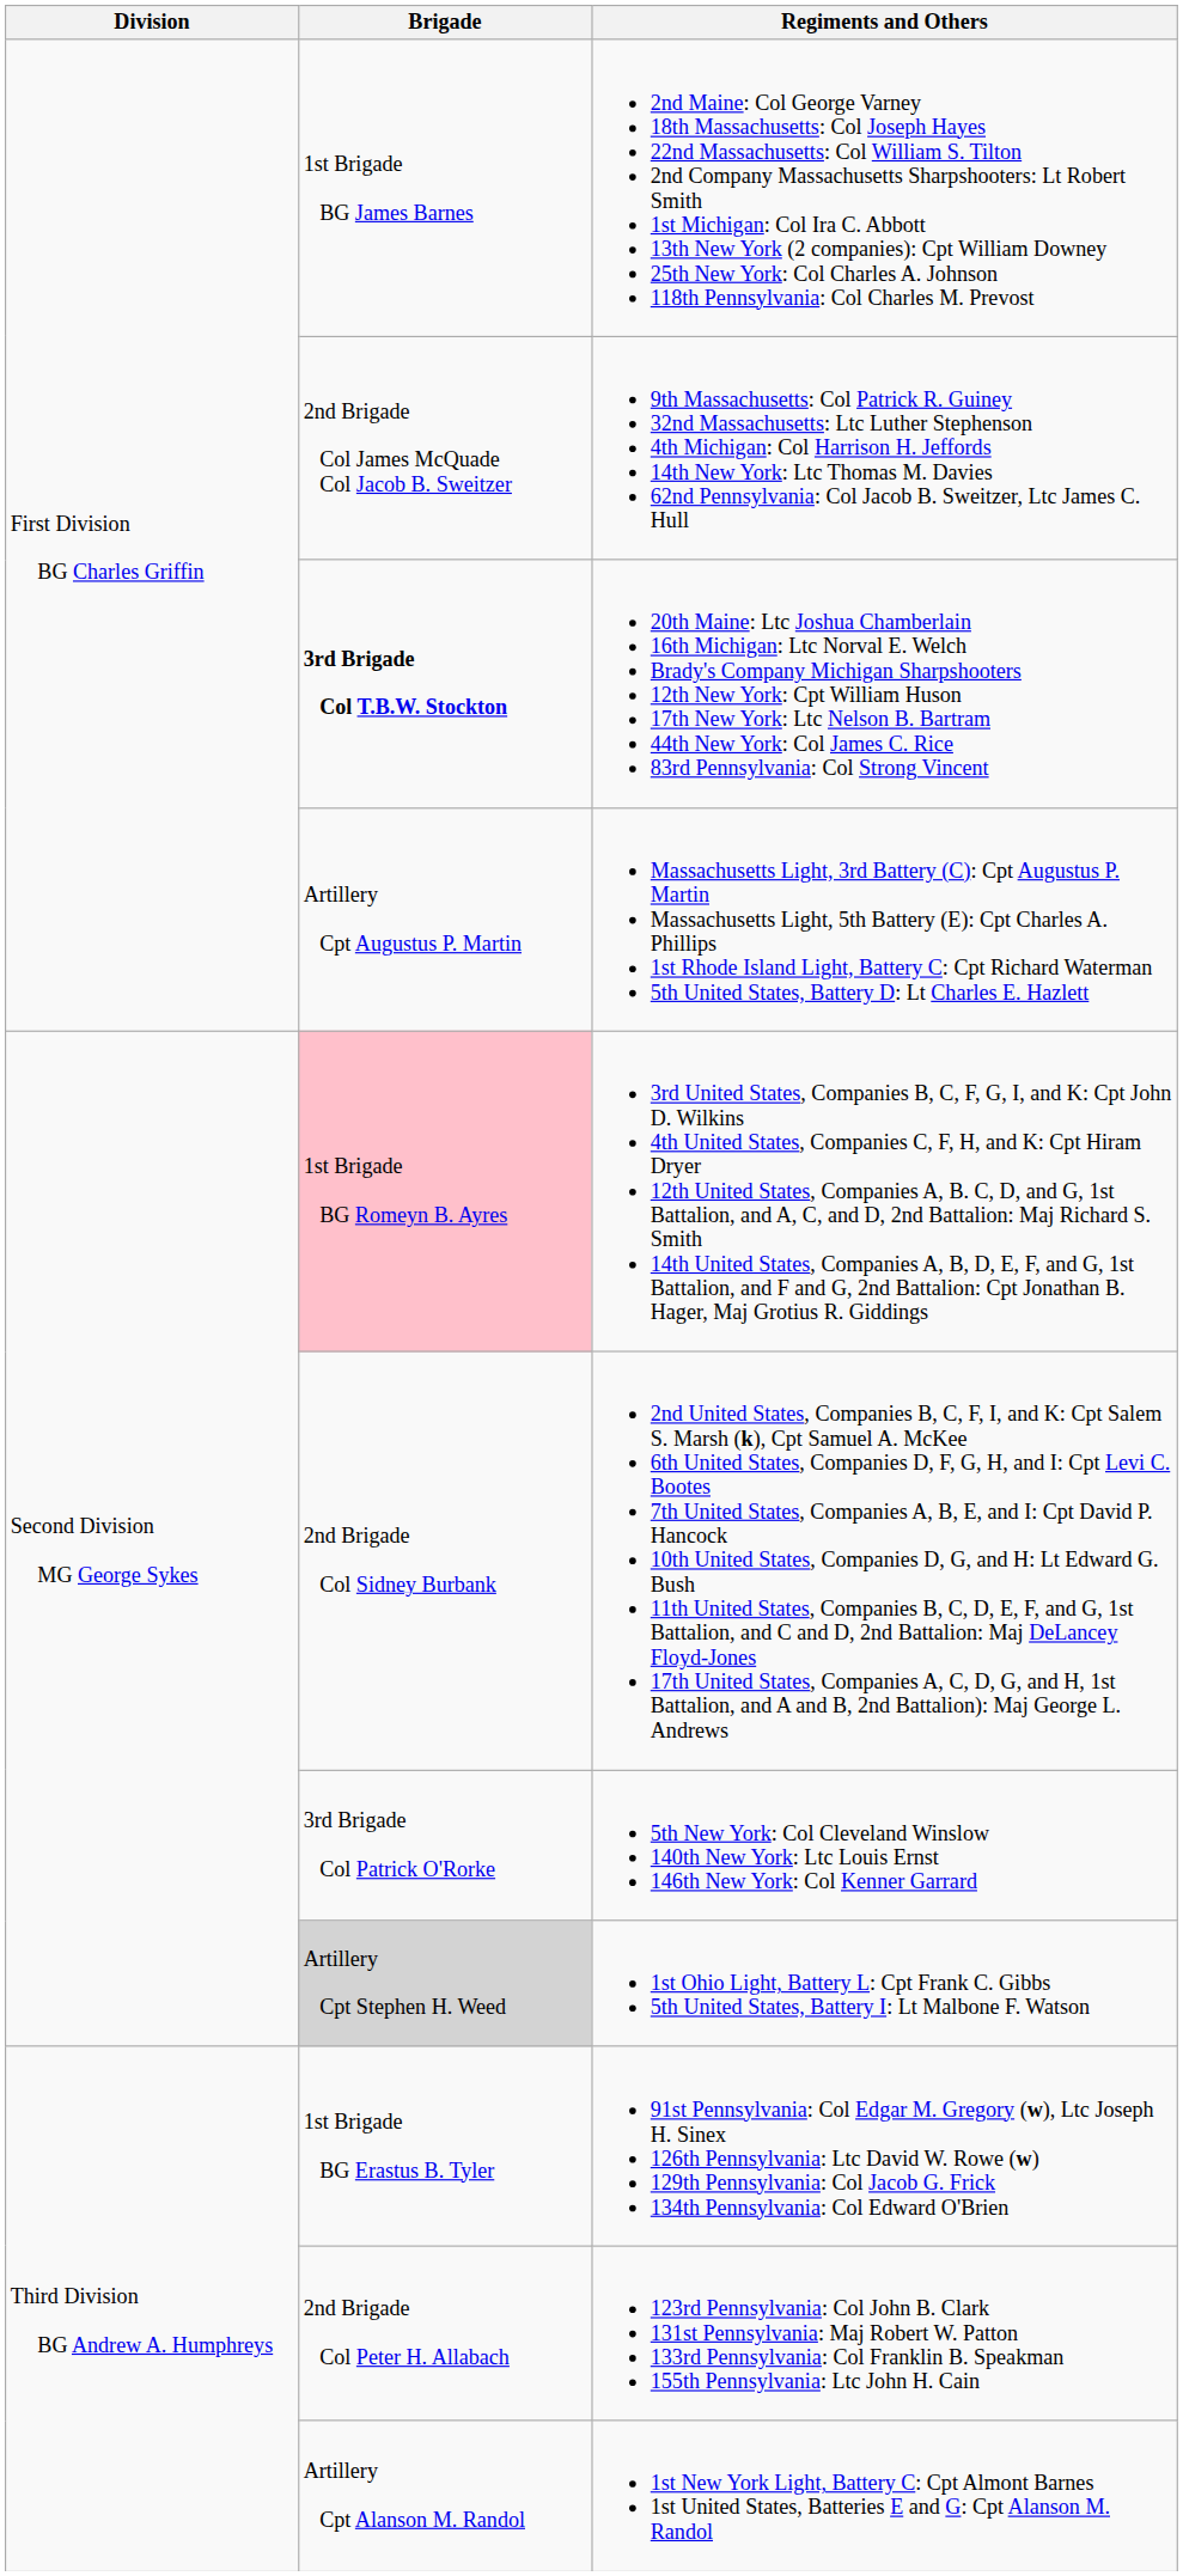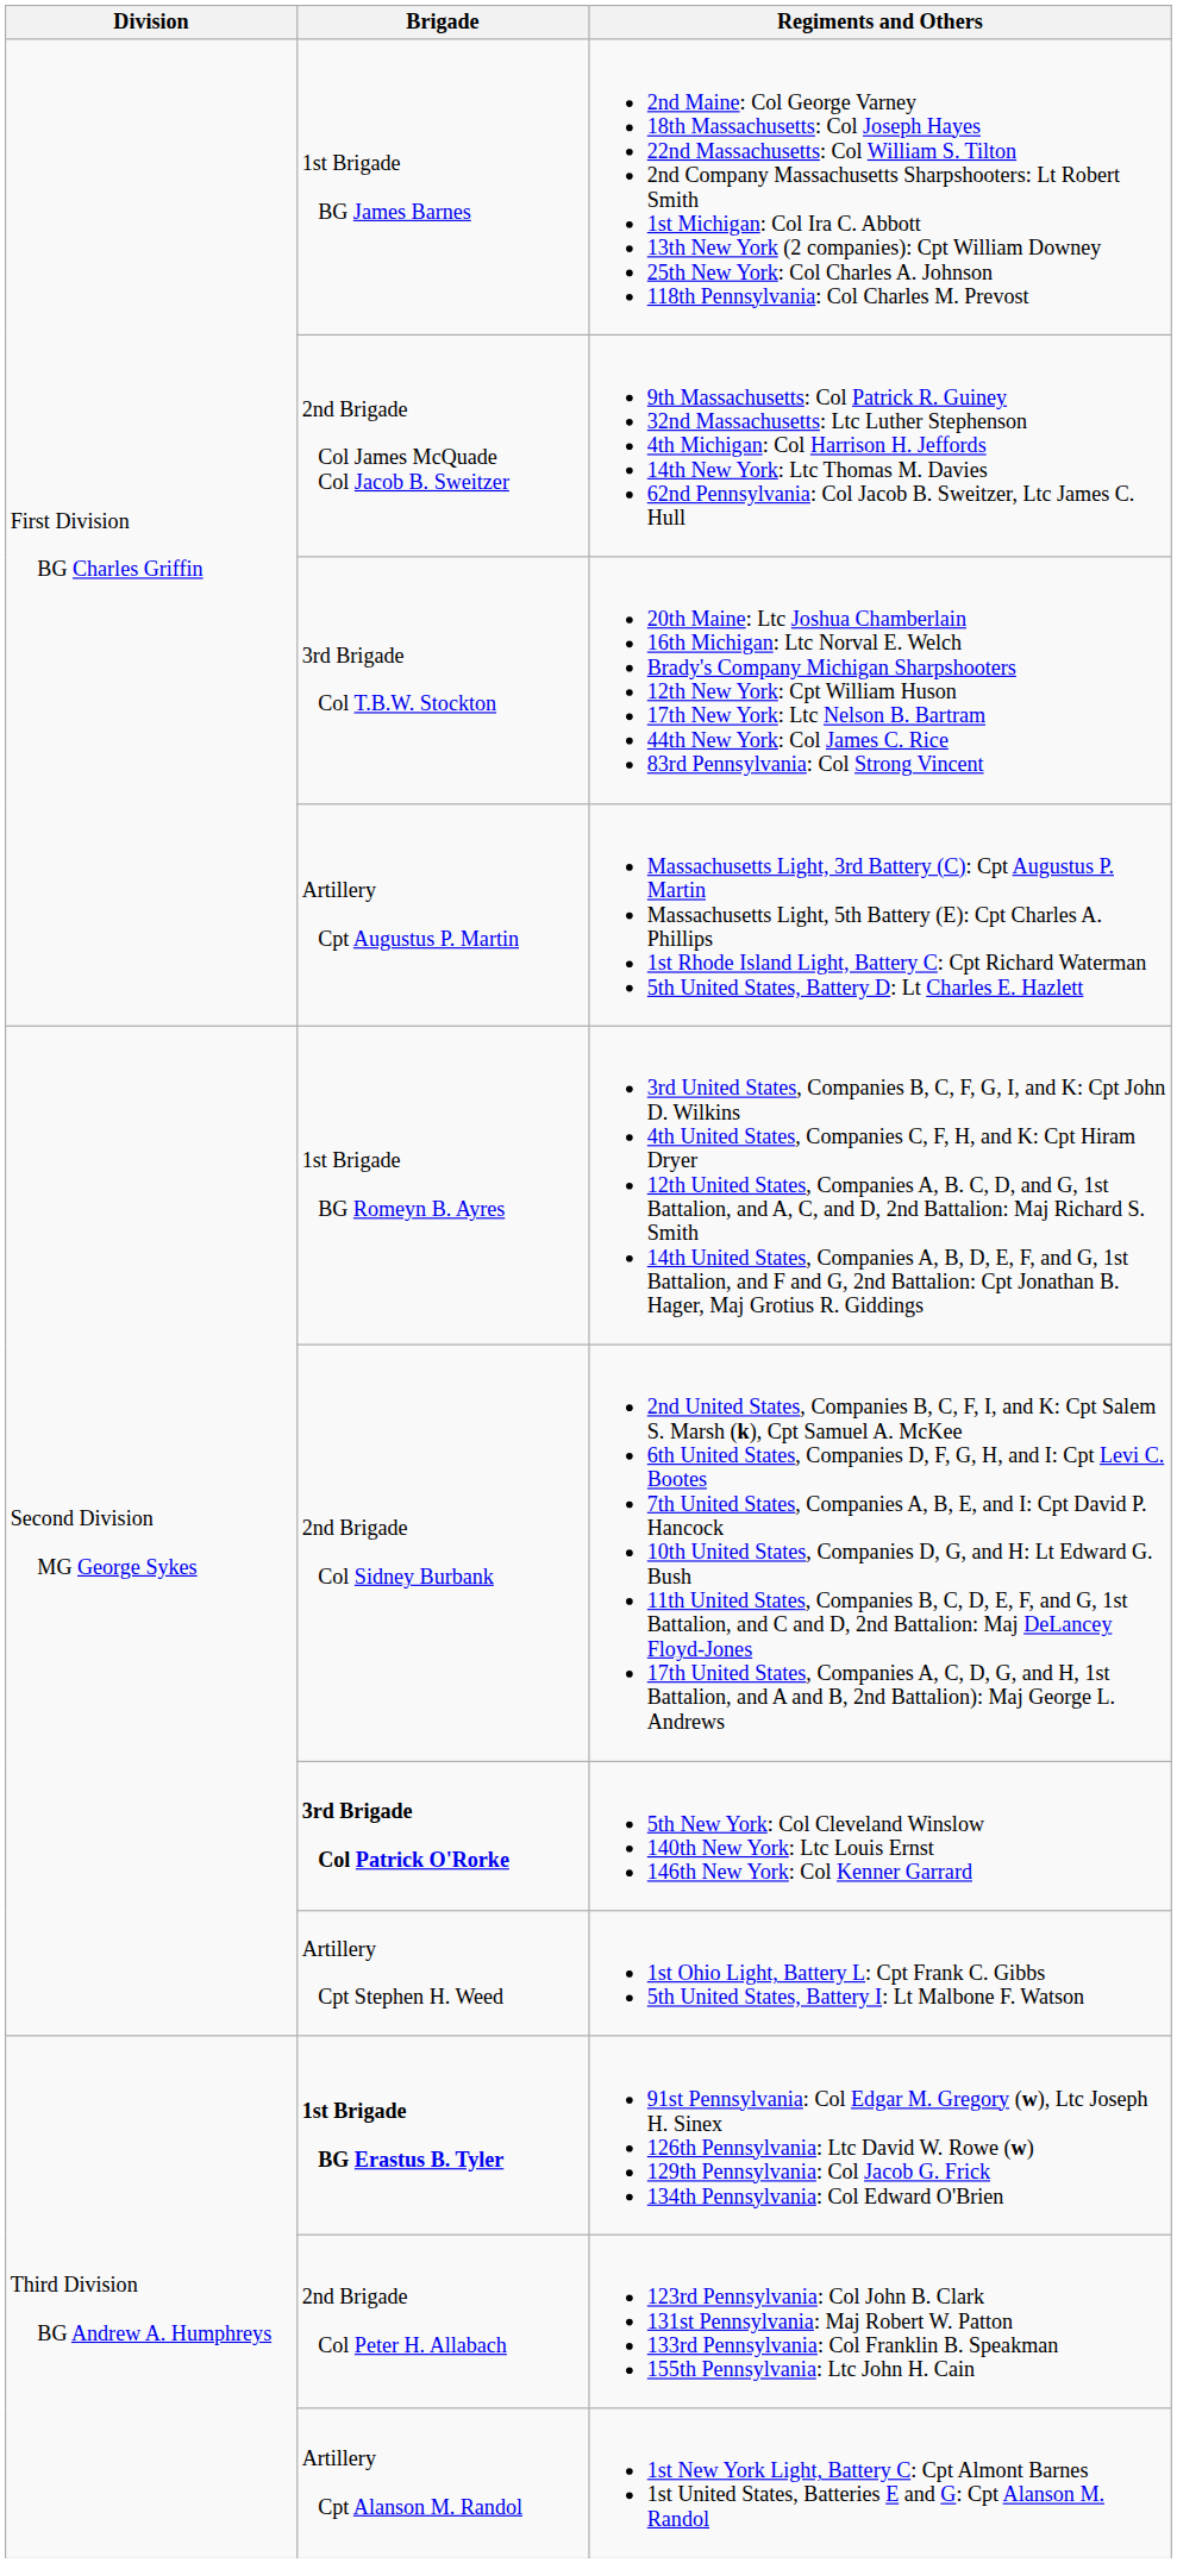 <table class="wikitable">
 <tr>
 <th width=25%>Division</th>
 <th width=25%>Brigade</th>
 <th>Regiments and Others</th>
 </tr>
 <tr>
 <td rowspan=4><br>First Division<br> <br>     BG <a href='#'>Charles Griffin</a></td>
 <td>1st Brigade<br><br>   BG <a href='#'>James Barnes</a></td>
 <td><br><ul><li><a href='#'>2nd Maine</a>: Col George Varney</li><li><a href='#'>18th Massachusetts</a>: Col <a href='#'>Joseph Hayes</a></li><li><a href='#'>22nd Massachusetts</a>: Col <a href='#'>William S. Tilton</a></li><li>2nd Company Massachusetts Sharpshooters: Lt Robert Smith</li><li><a href='#'>1st Michigan</a>: Col Ira C. Abbott</li><li><a href='#'>13th New York</a> (2 companies): Cpt William Downey</li><li><a href='#'>25th New York</a>: Col Charles A. Johnson</li><li><a href='#'>118th Pennsylvania</a>: Col Charles M. Prevost</li></ul></td>
 </tr>
 <tr>
 <td>2nd Brigade<br><br>   Col James McQuade <br>   Col <a href='#'>Jacob B. Sweitzer</a></td>
 <td><br><ul><li><a href='#'>9th Massachusetts</a>: Col <a href='#'>Patrick R. Guiney</a></li><li><a href='#'>32nd Massachusetts</a>: Ltc Luther Stephenson</li><li><a href='#'>4th Michigan</a>: Col <a href='#'>Harrison H. Jeffords</a></li><li><a href='#'>14th New York</a>: Ltc Thomas M. Davies</li><li><a href='#'>62nd Pennsylvania</a>: Col Jacob B. Sweitzer, Ltc James C. Hull</li></ul></td>
 </tr>
 <tr>
-<td><strong>3rd Brigade<br><br>   Col <a href='#'>T.B.W. Stockton</a></strong></td>
+<td>3rd Brigade<br><br>   Col <a href='#'>T.B.W. Stockton</a></td>
 <td><br><ul><li><a href='#'>20th Maine</a>: Ltc <a href='#'>Joshua Chamberlain</a></li><li><a href='#'>16th Michigan</a>: Ltc Norval E. Welch</li><li><a href='#'>Brady's Company Michigan Sharpshooters</a></li><li><a href='#'>12th New York</a>: Cpt William Huson</li><li><a href='#'>17th New York</a>: Ltc <a href='#'>Nelson B. Bartram</a></li><li><a href='#'>44th New York</a>: Col <a href='#'>James C. Rice</a></li><li><a href='#'>83rd Pennsylvania</a>: Col <a href='#'>Strong Vincent</a></li></ul></td>
 </tr>
 <tr>
 <td>Artillery<br><br>   Cpt <a href='#'>Augustus P. Martin</a></td>
 <td><br><ul><li><a href='#'>Massachusetts Light, 3rd Battery (C)</a>: Cpt <a href='#'>Augustus P. Martin</a></li><li>Massachusetts Light, 5th Battery (E): Cpt Charles A. Phillips</li><li><a href='#'>1st Rhode Island Light, Battery C</a>: Cpt Richard Waterman</li><li><a href='#'>5th United States, Battery D</a>: Lt <a href='#'>Charles E. Hazlett</a></li></ul></td>
 </tr>
 <tr>
 <td rowspan=4><br>Second Division<br> <br>     MG <a href='#'>George Sykes</a></td>
-<td style="background: pink;">1st Brigade<br><br>   BG <a href='#'>Romeyn B. Ayres</a></td>
+<td>1st Brigade<br><br>   BG <a href='#'>Romeyn B. Ayres</a></td>
 <td><br><ul><li><a href='#'>3rd United States</a>, Companies B, C, F, G, I, and K: Cpt John D. Wilkins</li><li><a href='#'>4th United States</a>, Companies C, F, H, and K: Cpt Hiram Dryer</li><li><a href='#'>12th United States</a>, Companies A, B. C, D, and G, 1st Battalion, and A, C, and D, 2nd Battalion: Maj Richard S. Smith</li><li><a href='#'>14th United States</a>, Companies A, B, D, E, F, and G, 1st Battalion, and F and G, 2nd Battalion: Cpt Jonathan B. Hager, Maj Grotius R. Giddings</li></ul></td>
 </tr>
 <tr>
 <td>2nd Brigade<br><br>   Col <a href='#'>Sidney Burbank</a></td>
 <td><br><ul><li><a href='#'>2nd United States</a>, Companies B, C, F, I, and K: Cpt Salem S. Marsh (<strong>k</strong>), Cpt Samuel A. McKee</li><li><a href='#'>6th United States</a>, Companies D, F, G, H, and I: Cpt <a href='#'>Levi C. Bootes</a></li><li><a href='#'>7th United States</a>, Companies A, B, E, and I: Cpt David P. Hancock</li><li><a href='#'>10th United States</a>, Companies D, G, and H: Lt Edward G. Bush</li><li><a href='#'>11th United States</a>, Companies B, C, D, E, F, and G, 1st Battalion, and C and D, 2nd Battalion: Maj <a href='#'>DeLancey Floyd-Jones</a></li><li><a href='#'>17th United States</a>, Companies A, C, D, G, and H, 1st Battalion, and A and B, 2nd Battalion): Maj George L. Andrews</li></ul></td>
 </tr>
 <tr>
-<td>3rd Brigade<br><br>   Col <a href='#'>Patrick O'Rorke</a></td>
+<td><strong>3rd Brigade<br><br>   Col <a href='#'>Patrick O'Rorke</a></strong></td>
 <td><br><ul><li><a href='#'>5th New York</a>: Col Cleveland Winslow</li><li><a href='#'>140th New York</a>: Ltc Louis Ernst</li><li><a href='#'>146th New York</a>: Col <a href='#'>Kenner Garrard</a></li></ul></td>
 </tr>
 <tr>
-<td style="background: lightgrey;">Artillery<br><br>   Cpt Stephen H. Weed</td>
+<td>Artillery<br><br>   Cpt Stephen H. Weed</td>
 <td><br><ul><li><a href='#'>1st Ohio Light, Battery L</a>: Cpt Frank C. Gibbs</li><li><a href='#'>5th United States, Battery I</a>: Lt Malbone F. Watson</li></ul></td>
 </tr>
 <tr>
 <td rowspan=3><br>Third Division<br> <br>     BG <a href='#'>Andrew A. Humphreys</a></td>
-<td>1st Brigade<br><br>   BG <a href='#'>Erastus B. Tyler</a></td>
+<td><strong>1st Brigade<br><br>   BG <a href='#'>Erastus B. Tyler</a></strong></td>
 <td><br><ul><li><a href='#'>91st Pennsylvania</a>: Col <a href='#'>Edgar M. Gregory</a> (<strong>w</strong>), Ltc Joseph H. Sinex</li><li><a href='#'>126th Pennsylvania</a>: Ltc David W. Rowe (<strong>w</strong>)</li><li><a href='#'>129th Pennsylvania</a>: Col <a href='#'>Jacob G. Frick</a></li><li><a href='#'>134th Pennsylvania</a>: Col Edward O'Brien</li></ul></td>
 </tr>
 <tr>
 <td>2nd Brigade<br><br>   Col <a href='#'>Peter H. Allabach</a></td>
 <td><br><ul><li><a href='#'>123rd Pennsylvania</a>: Col John B. Clark</li><li><a href='#'>131st Pennsylvania</a>: Maj Robert W. Patton</li><li><a href='#'>133rd Pennsylvania</a>: Col Franklin B. Speakman</li><li><a href='#'>155th Pennsylvania</a>: Ltc John H. Cain</li></ul></td>
 </tr>
 <tr>
 <td>Artillery<br><br>   Cpt <a href='#'>Alanson M. Randol</a></td>
 <td><br><ul><li><a href='#'>1st New York Light, Battery C</a>: Cpt Almont Barnes</li><li>1st United States, Batteries <a href='#'>E</a> and <a href='#'>G</a>: Cpt <a href='#'>Alanson M. Randol</a></li></ul></td>
 </tr>
 </table>
